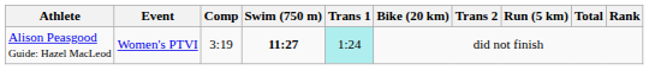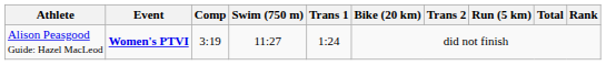 <table class="wikitable" border="1" style="font-size:90%">
 <tr>
 <th>Athlete</th>
 <th>Event</th>
 <th>Comp</th>
 <th>Swim (750 m)</th>
 <th>Trans 1</th>
 <th>Bike (20 km)</th>
 <th>Trans 2</th>
 <th>Run (5 km)</th>
 <th>Total</th>
 <th>Rank</th>
 </tr>
 <tr align=center>
 <td align=left><a href='#'>Alison Peasgood</a><br><small>Guide: Hazel MacLeod</small></td>
-<td align=left><a href='#'>Women's PTVI</a></td>
+<td align=left><strong><a href='#'>Women's PTVI</a></strong></td>
 <td>3:19</td>
-<td><strong>11:27</strong></td>
-<td style="background: paleturquoise;">1:24</td>
+<td>11:27</td>
+<td>1:24</td>
 <td colspan=5>did not finish</td>
 </tr>
 </table>
